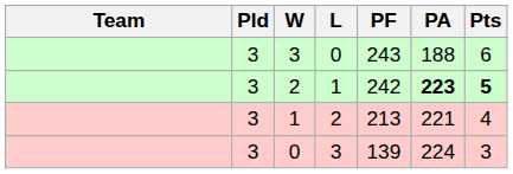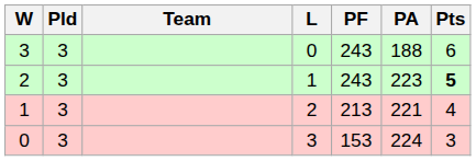 <table class="wikitable" style="text-align:center;">
 <tr>
+<th width=25>W</th>
+<th width=25>Pld</th>
 <th width=170>Team</th>
-<th width=25>Pld</th>
-<th width=25>W</th>
 <th width=25>L</th>
 <th width=35>PF</th>
 <th width=35>PA</th>
 <th width=25>Pts</th>
 </tr>
 <tr bgcolor=#ccffcc>
-<td align="left"></td>
 <td>3</td>
 <td>3</td>
+<td align="left"></td>
 <td>0</td>
 <td>243</td>
 <td>188</td>
 <td>6</td>
 </tr>
 <tr bgcolor=#ccffcc>
+<td>2</td>
+<td>3</td>
 <td align="left"></td>
-<td>3</td>
-<td>2</td>
 <td>1</td>
-<td>242</td>
-<td><strong>223</strong></td>
+<td>243</td>
+<td>223</td>
 <td><strong>5</strong></td>
 </tr>
 <tr bgcolor=#ffcccc>
+<td>1</td>
+<td>3</td>
 <td align="left"></td>
-<td>3</td>
-<td>1</td>
 <td>2</td>
 <td>213</td>
 <td>221</td>
 <td>4</td>
 </tr>
 <tr bgcolor=#ffcccc>
+<td>0</td>
+<td>3</td>
 <td align="left"></td>
 <td>3</td>
-<td>0</td>
-<td>3</td>
-<td>139</td>
+<td>153</td>
 <td>224</td>
 <td>3</td>
 </tr>
 </table>
